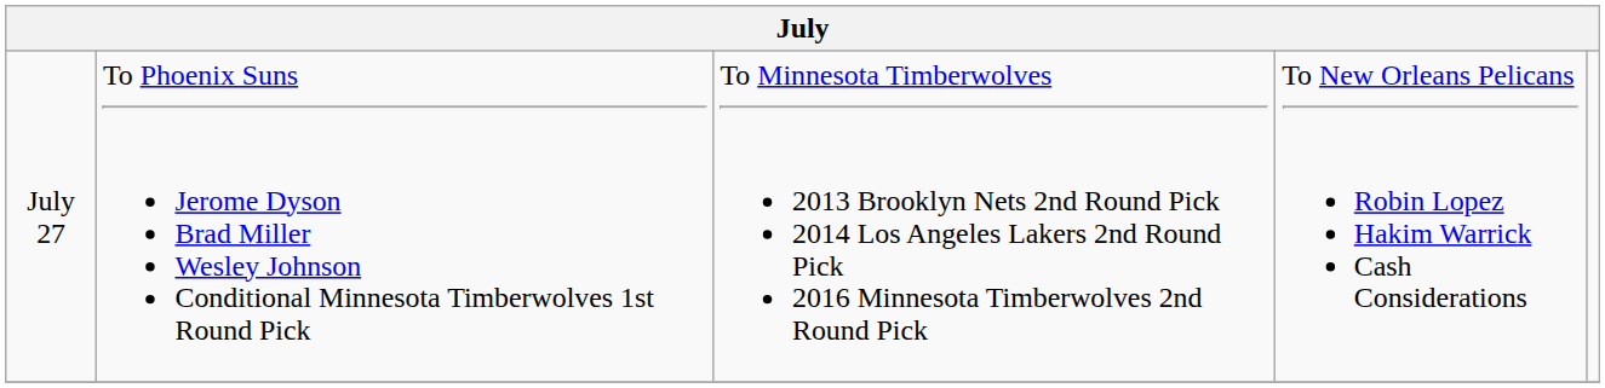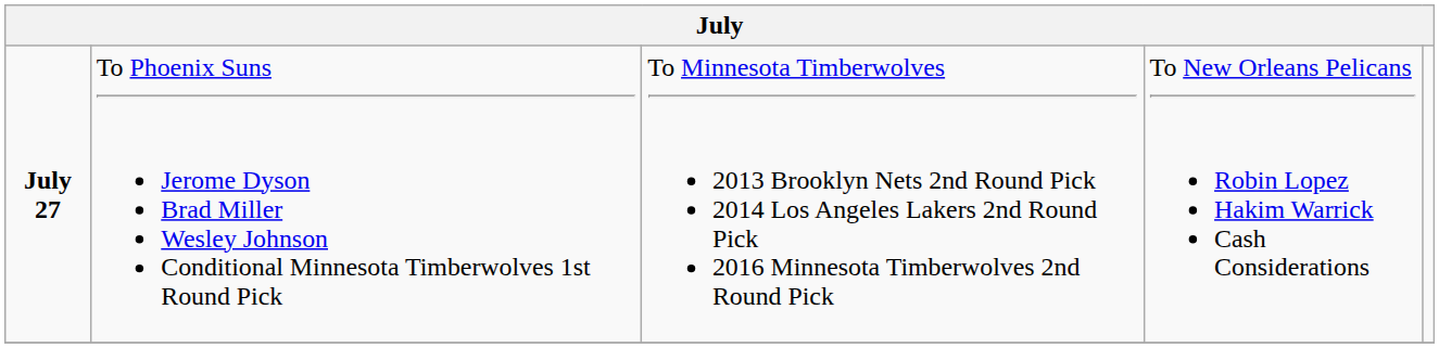 <table class="wikitable" style="text-align:center; width:100%">
 <tr>
 <th colspan=5>July</th>
 </tr>
 <tr>
-<td>July 27</td>
+<td><strong>July 27</strong></td>
 <td align=left valign=top>To <a href='#'>Phoenix Suns</a><hr><br><ul><li><a href='#'>Jerome Dyson</a></li><li><a href='#'>Brad Miller</a></li><li><a href='#'>Wesley Johnson</a></li><li>Conditional Minnesota Timberwolves 1st Round Pick</li></ul></td>
 <td align=left valign=top>To <a href='#'>Minnesota Timberwolves</a><hr><br><ul><li>2013 Brooklyn Nets 2nd Round Pick</li><li>2014 Los Angeles Lakers 2nd Round Pick</li><li>2016 Minnesota Timberwolves 2nd Round Pick</li></ul></td>
 <td align=left valign=top>To <a href='#'>New Orleans Pelicans</a><hr><br><ul><li><a href='#'>Robin Lopez</a></li><li><a href='#'>Hakim Warrick</a></li><li>Cash Considerations</li></ul></td>
 <td></td>
 </tr>
 <tr>
 </tr>
 </table>
